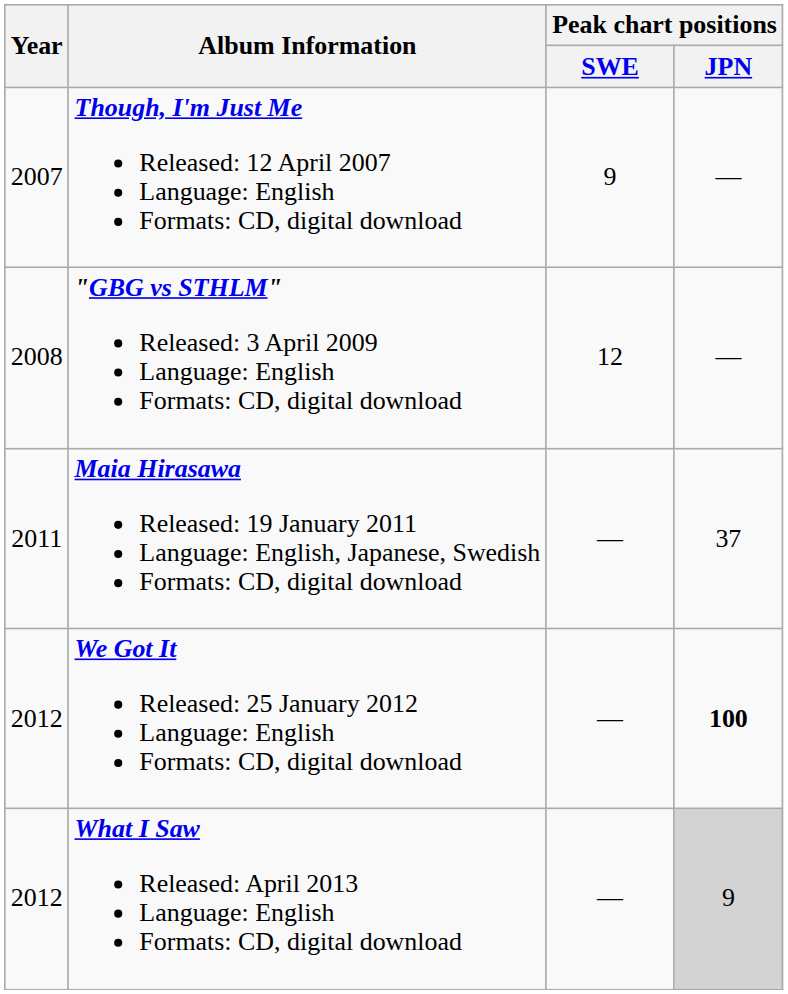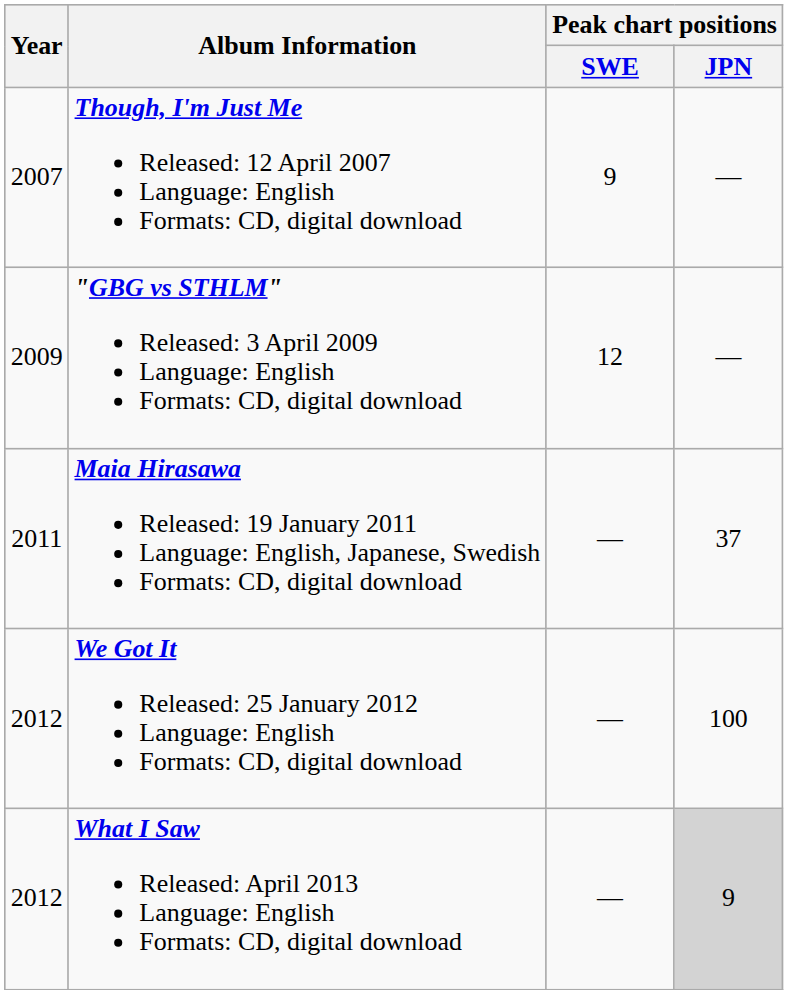 <table class="wikitable">
 <tr>
 <th rowspan="2">Year</th>
 <th rowspan="2">Album Information</th>
 <th scope="col" colspan="2">Peak chart positions</th>
 </tr>
 <tr>
 <th colspan="1"><a href='#'>SWE</a><br></th>
 <th colspan="1"><a href='#'>JPN</a><br></th>
 </tr>
 <tr>
 <td align="center">2007</td>
 <td><strong><em><a href='#'>Though, I'm Just Me</a></em></strong><br><ul><li>Released: 12 April 2007</li><li>Language: English</li><li>Formats: CD, digital download</li></ul></td>
 <td align="center">9</td>
 <td align="center">—</td>
 </tr>
 <tr>
-<td align="center">2008</td>
+<td align="center">2009</td>
 <td><strong><em>"<a href='#'>GBG vs STHLM</a>"</em></strong><br><ul><li>Released: 3 April 2009</li><li>Language: English</li><li>Formats: CD, digital download</li></ul></td>
 <td align="center">12</td>
 <td align="center">—</td>
 </tr>
 <tr>
 <td align="center">2011</td>
 <td><strong><em><a href='#'>Maia Hirasawa</a></em></strong><br><ul><li>Released: 19 January 2011</li><li>Language: English, Japanese, Swedish</li><li>Formats: CD, digital download</li></ul></td>
 <td align="center">—</td>
 <td align="center">37</td>
 </tr>
 <tr>
 <td align="center">2012</td>
 <td><strong><em><a href='#'>We Got It</a></em></strong><br><ul><li>Released: 25 January 2012</li><li>Language: English</li><li>Formats: CD, digital download</li></ul></td>
 <td align="center">—</td>
-<td align="center"><strong>100</strong></td>
+<td align="center">100</td>
 </tr>
 <tr>
 <td align="center">2012</td>
 <td><strong><em><a href='#'>What I Saw</a></em></strong><br><ul><li>Released: April 2013</li><li>Language: English</li><li>Formats: CD, digital download</li></ul></td>
 <td align="center">—</td>
 <td align="center" style="background: lightgrey;">9</td>
 </tr>
 <tr>
 </tr>
 </table>
